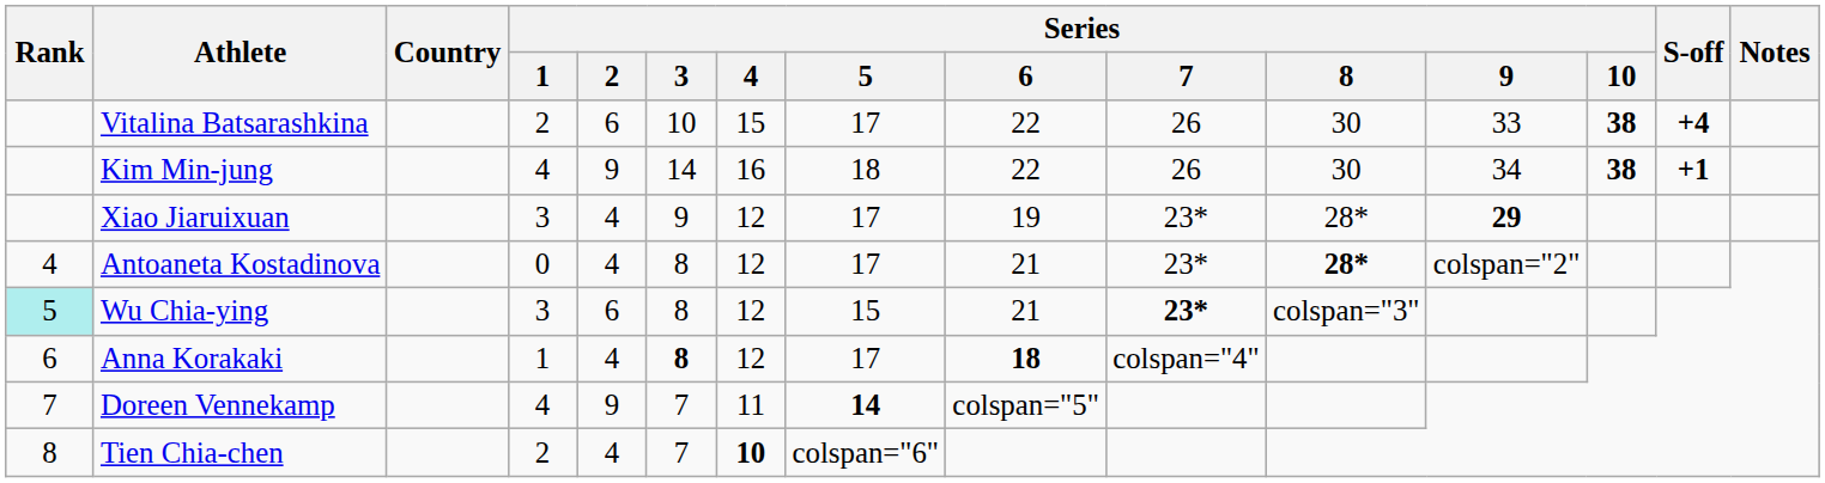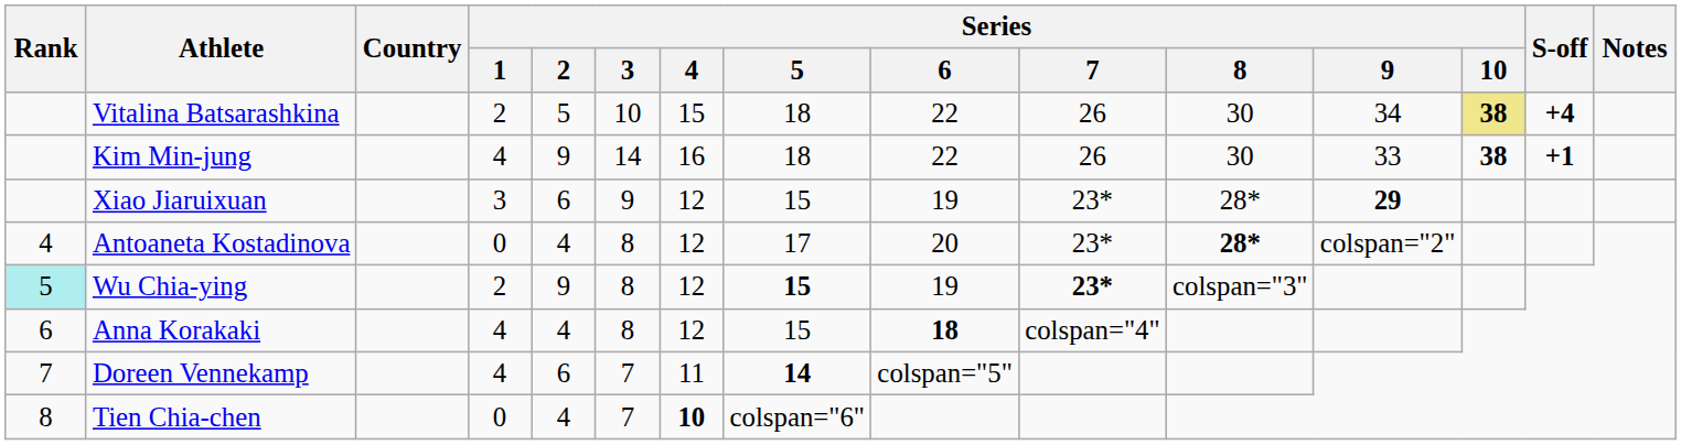 <table class="wikitable" style="text-align:center">
 <tr>
 <th rowspan=2 width=40>Rank</th>
 <th rowspan=2>Athlete</th>
 <th rowspan=2>Country</th>
 <th colspan=10>Series</th>
 <th rowspan=2>S-off</th>
 <th rowspan=2 width=40>Notes</th>
 </tr>
 <tr>
 <th width=30>1</th>
 <th width=30>2</th>
 <th width=30>3</th>
 <th width=30>4</th>
 <th width=30>5</th>
 <th width=30>6</th>
 <th width=30>7</th>
 <th width=30>8</th>
 <th width=30>9</th>
 <th width=30>10</th>
 </tr>
 <tr>
 <td></td>
 <td align=left><a href='#'>Vitalina Batsarashkina</a></td>
 <td align=left></td>
 <td>2</td>
-<td>6</td>
+<td>5</td>
 <td>10</td>
 <td>15</td>
-<td>17</td>
+<td>18</td>
 <td>22</td>
 <td>26</td>
 <td>30</td>
-<td>33</td>
-<td><strong>38</strong></td>
+<td>34</td>
+<td style="background: khaki;"><strong>38</strong></td>
 <td><strong>+4</strong></td>
 <td></td>
 </tr>
 <tr>
 <td></td>
 <td align=left><a href='#'>Kim Min-jung</a></td>
 <td align=left></td>
 <td>4</td>
 <td>9</td>
 <td>14</td>
 <td>16</td>
 <td>18</td>
 <td>22</td>
 <td>26</td>
 <td>30</td>
-<td>34</td>
+<td>33</td>
 <td><strong>38</strong></td>
 <td><strong>+1</strong></td>
 <td></td>
 </tr>
 <tr>
 <td></td>
 <td align=left><a href='#'>Xiao Jiaruixuan</a></td>
 <td align=left></td>
 <td>3</td>
-<td>4</td>
+<td>6</td>
 <td>9</td>
 <td>12</td>
-<td>17</td>
+<td>15</td>
 <td>19</td>
 <td>23*</td>
 <td>28*</td>
 <td><strong>29</strong></td>
 <td></td>
 <td></td>
 <td></td>
 </tr>
 <tr>
 <td>4</td>
 <td align=left><a href='#'>Antoaneta Kostadinova</a></td>
 <td align=left></td>
 <td>0</td>
 <td>4</td>
 <td>8</td>
 <td>12</td>
 <td>17</td>
-<td>21</td>
+<td>20</td>
 <td>23*</td>
 <td><strong>28*</strong></td>
 <td>colspan="2" </td>
 <td></td>
 <td></td>
 </tr>
 <tr>
 <td style="background: paleturquoise;">5</td>
 <td align=left><a href='#'>Wu Chia-ying</a></td>
 <td align=left></td>
-<td>3</td>
-<td>6</td>
+<td>2</td>
+<td>9</td>
 <td>8</td>
 <td>12</td>
-<td>15</td>
-<td>21</td>
+<td><strong>15</strong></td>
+<td>19</td>
 <td><strong>23*</strong></td>
 <td>colspan="3" </td>
 <td></td>
 <td></td>
 </tr>
 <tr>
 <td>6</td>
 <td align=left><a href='#'>Anna Korakaki</a></td>
 <td align=left></td>
-<td>1</td>
 <td>4</td>
-<td><strong>8</strong></td>
+<td>4</td>
+<td>8</td>
 <td>12</td>
-<td>17</td>
+<td>15</td>
 <td><strong>18</strong></td>
 <td>colspan="4" </td>
 <td></td>
 <td></td>
 </tr>
 <tr>
 <td>7</td>
 <td align=left><a href='#'>Doreen Vennekamp</a></td>
 <td align=left></td>
 <td>4</td>
-<td>9</td>
+<td>6</td>
 <td>7</td>
 <td>11</td>
 <td><strong>14</strong></td>
 <td>colspan="5" </td>
 <td></td>
 <td></td>
 </tr>
 <tr>
 <td>8</td>
 <td align=left><a href='#'>Tien Chia-chen</a></td>
 <td align=left></td>
-<td>2</td>
+<td>0</td>
 <td>4</td>
 <td>7</td>
 <td><strong>10</strong></td>
 <td>colspan="6" </td>
 <td></td>
 <td></td>
 </tr>
 </table>
